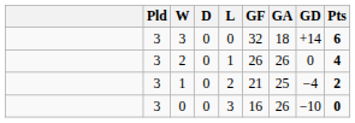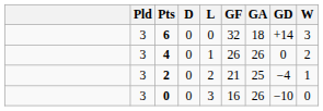 <table class="wikitable" style="text-align:center;">
 <tr>
 <th width=150></th>
 <th width=20>Pld</th>
-<th width=20>W</th>
+<th width=20>Pts</th>
 <th width=20>D</th>
 <th width=20>L</th>
 <th width=20>GF</th>
 <th width=20>GA</th>
 <th width=20>GD</th>
-<th width=20>Pts</th>
+<th width=20>W</th>
 </tr>
 <tr>
 <td align="left"></td>
 <td>3</td>
-<td>3</td>
+<td><strong>6</strong></td>
 <td>0</td>
 <td>0</td>
 <td>32</td>
 <td>18</td>
 <td>+14</td>
-<td><strong>6</strong></td>
+<td>3</td>
 </tr>
 <tr>
 <td align="left"></td>
 <td>3</td>
-<td>2</td>
+<td><strong>4</strong></td>
 <td>0</td>
 <td>1</td>
 <td>26</td>
 <td>26</td>
 <td>0</td>
-<td><strong>4</strong></td>
+<td>2</td>
 </tr>
 <tr>
 <td align="left"></td>
 <td>3</td>
-<td>1</td>
+<td><strong>2</strong></td>
 <td>0</td>
 <td>2</td>
 <td>21</td>
 <td>25</td>
 <td>−4</td>
-<td><strong>2</strong></td>
+<td>1</td>
 </tr>
 <tr>
 <td align="left"></td>
 <td>3</td>
-<td>0</td>
+<td><strong>0</strong></td>
 <td>0</td>
 <td>3</td>
 <td>16</td>
 <td>26</td>
 <td>−10</td>
-<td><strong>0</strong></td>
+<td>0</td>
 </tr>
 </table>
